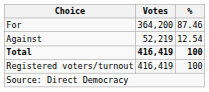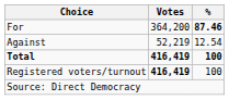 <table class=wikitable style=text-align:right>
 <tr>
 <th>Choice</th>
 <th>Votes</th>
 <th>%</th>
 </tr>
 <tr>
 <td align=left>For</td>
 <td>364,200</td>
-<td>87.46</td>
+<td><strong>87.46</strong></td>
 </tr>
 <tr>
 <td align=left>Against</td>
 <td>52,219</td>
 <td>12.54</td>
 </tr>
 <tr>
 <td align=left><strong>Total</strong></td>
 <td><strong>416,419</strong></td>
 <td><strong>100</strong></td>
 </tr>
 <tr>
 <td align=left>Registered voters/turnout</td>
-<td>416,419</td>
+<td><strong>416,419</strong></td>
 <td>100</td>
 </tr>
 <tr>
 <td align=left colspan=3>Source: Direct Democracy</td>
 </tr>
 </table>
